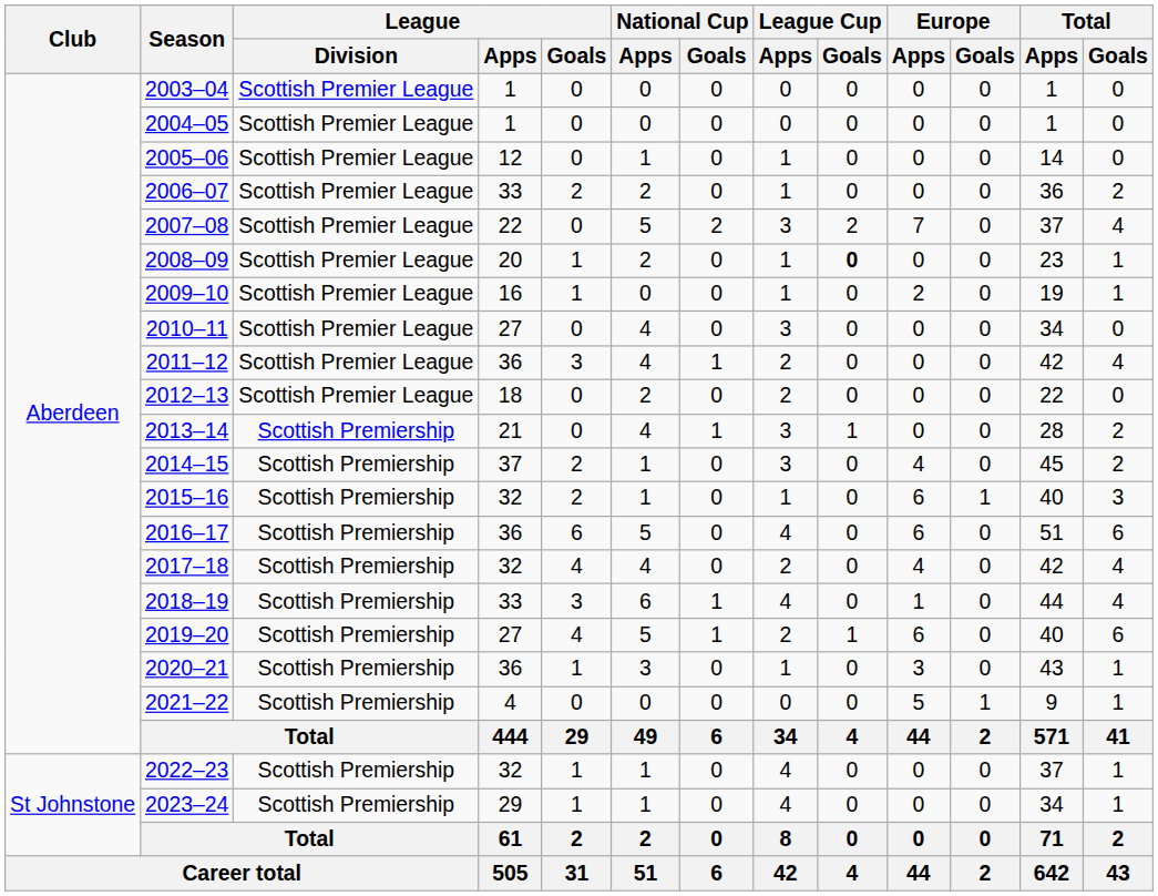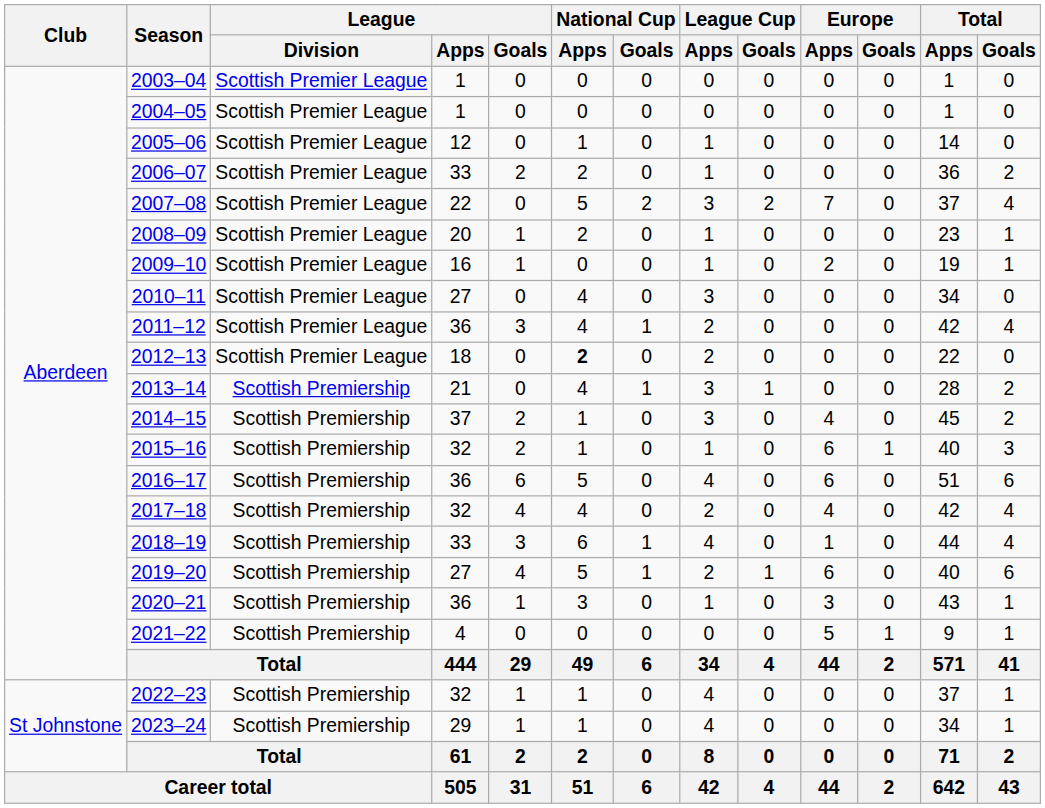 <table class="wikitable" style="text-align:center">
 <tr>
 <th rowspan="2">Club</th>
 <th rowspan="2">Season</th>
 <th colspan="3">League</th>
 <th colspan="2">National Cup</th>
 <th colspan="2">League Cup</th>
 <th colspan="2">Europe</th>
 <th colspan="2">Total</th>
 </tr>
 <tr>
 <th>Division</th>
 <th>Apps</th>
 <th>Goals</th>
 <th>Apps</th>
 <th>Goals</th>
 <th>Apps</th>
 <th>Goals</th>
 <th>Apps</th>
 <th>Goals</th>
 <th>Apps</th>
 <th>Goals</th>
 </tr>
 <tr>
 <td rowspan="20"><a href='#'>Aberdeen</a></td>
 <td><a href='#'>2003–04</a></td>
 <td><a href='#'>Scottish Premier League</a></td>
 <td>1</td>
 <td>0</td>
 <td>0</td>
 <td>0</td>
 <td>0</td>
 <td>0</td>
 <td>0</td>
 <td>0</td>
 <td>1</td>
 <td>0</td>
 </tr>
 <tr>
 <td><a href='#'>2004–05</a></td>
 <td>Scottish Premier League</td>
 <td>1</td>
 <td>0</td>
 <td>0</td>
 <td>0</td>
 <td>0</td>
 <td>0</td>
 <td>0</td>
 <td>0</td>
 <td>1</td>
 <td>0</td>
 </tr>
 <tr>
 <td><a href='#'>2005–06</a></td>
 <td>Scottish Premier League</td>
 <td>12</td>
 <td>0</td>
 <td>1</td>
 <td>0</td>
 <td>1</td>
 <td>0</td>
 <td>0</td>
 <td>0</td>
 <td>14</td>
 <td>0</td>
 </tr>
 <tr>
 <td><a href='#'>2006–07</a></td>
 <td>Scottish Premier League</td>
 <td>33</td>
 <td>2</td>
 <td>2</td>
 <td>0</td>
 <td>1</td>
 <td>0</td>
 <td>0</td>
 <td>0</td>
 <td>36</td>
 <td>2</td>
 </tr>
 <tr>
 <td><a href='#'>2007–08</a></td>
 <td>Scottish Premier League</td>
 <td>22</td>
 <td>0</td>
 <td>5</td>
 <td>2</td>
 <td>3</td>
 <td>2</td>
 <td>7</td>
 <td>0</td>
 <td>37</td>
 <td>4</td>
 </tr>
 <tr>
 <td><a href='#'>2008–09</a></td>
 <td>Scottish Premier League</td>
 <td>20</td>
 <td>1</td>
 <td>2</td>
 <td>0</td>
 <td>1</td>
-<td><strong>0</strong></td>
+<td>0</td>
 <td>0</td>
 <td>0</td>
 <td>23</td>
 <td>1</td>
 </tr>
 <tr>
 <td><a href='#'>2009–10</a></td>
 <td>Scottish Premier League</td>
 <td>16</td>
 <td>1</td>
 <td>0</td>
 <td>0</td>
 <td>1</td>
 <td>0</td>
 <td>2</td>
 <td>0</td>
 <td>19</td>
 <td>1</td>
 </tr>
 <tr>
 <td><a href='#'>2010–11</a></td>
 <td>Scottish Premier League</td>
 <td>27</td>
 <td>0</td>
 <td>4</td>
 <td>0</td>
 <td>3</td>
 <td>0</td>
 <td>0</td>
 <td>0</td>
 <td>34</td>
 <td>0</td>
 </tr>
 <tr>
 <td><a href='#'>2011–12</a></td>
 <td>Scottish Premier League</td>
 <td>36</td>
 <td>3</td>
 <td>4</td>
 <td>1</td>
 <td>2</td>
 <td>0</td>
 <td>0</td>
 <td>0</td>
 <td>42</td>
 <td>4</td>
 </tr>
 <tr>
 <td><a href='#'>2012–13</a></td>
 <td>Scottish Premier League</td>
 <td>18</td>
 <td>0</td>
-<td>2</td>
+<td><strong>2</strong></td>
 <td>0</td>
 <td>2</td>
 <td>0</td>
 <td>0</td>
 <td>0</td>
 <td>22</td>
 <td>0</td>
 </tr>
 <tr>
 <td><a href='#'>2013–14</a></td>
 <td><a href='#'>Scottish Premiership</a></td>
 <td>21</td>
 <td>0</td>
 <td>4</td>
 <td>1</td>
 <td>3</td>
 <td>1</td>
 <td>0</td>
 <td>0</td>
 <td>28</td>
 <td>2</td>
 </tr>
 <tr>
 <td><a href='#'>2014–15</a></td>
 <td>Scottish Premiership</td>
 <td>37</td>
 <td>2</td>
 <td>1</td>
 <td>0</td>
 <td>3</td>
 <td>0</td>
 <td>4</td>
 <td>0</td>
 <td>45</td>
 <td>2</td>
 </tr>
 <tr>
 <td><a href='#'>2015–16</a></td>
 <td>Scottish Premiership</td>
 <td>32</td>
 <td>2</td>
 <td>1</td>
 <td>0</td>
 <td>1</td>
 <td>0</td>
 <td>6</td>
 <td>1</td>
 <td>40</td>
 <td>3</td>
 </tr>
 <tr>
 <td><a href='#'>2016–17</a></td>
 <td>Scottish Premiership</td>
 <td>36</td>
 <td>6</td>
 <td>5</td>
 <td>0</td>
 <td>4</td>
 <td>0</td>
 <td>6</td>
 <td>0</td>
 <td>51</td>
 <td>6</td>
 </tr>
 <tr>
 <td><a href='#'>2017–18</a></td>
 <td>Scottish Premiership</td>
 <td>32</td>
 <td>4</td>
 <td>4</td>
 <td>0</td>
 <td>2</td>
 <td>0</td>
 <td>4</td>
 <td>0</td>
 <td>42</td>
 <td>4</td>
 </tr>
 <tr>
 <td><a href='#'>2018–19</a></td>
 <td>Scottish Premiership</td>
 <td>33</td>
 <td>3</td>
 <td>6</td>
 <td>1</td>
 <td>4</td>
 <td>0</td>
 <td>1</td>
 <td>0</td>
 <td>44</td>
 <td>4</td>
 </tr>
 <tr>
 <td><a href='#'>2019–20</a></td>
 <td>Scottish Premiership</td>
 <td>27</td>
 <td>4</td>
 <td>5</td>
 <td>1</td>
 <td>2</td>
 <td>1</td>
 <td>6</td>
 <td>0</td>
 <td>40</td>
 <td>6</td>
 </tr>
 <tr>
 <td><a href='#'>2020–21</a></td>
 <td>Scottish Premiership</td>
 <td>36</td>
 <td>1</td>
 <td>3</td>
 <td>0</td>
 <td>1</td>
 <td>0</td>
 <td>3</td>
 <td>0</td>
 <td>43</td>
 <td>1</td>
 </tr>
 <tr>
 <td><a href='#'>2021–22</a></td>
 <td>Scottish Premiership</td>
 <td>4</td>
 <td>0</td>
 <td>0</td>
 <td>0</td>
 <td>0</td>
 <td>0</td>
 <td>5</td>
 <td>1</td>
 <td>9</td>
 <td>1</td>
 </tr>
 <tr>
 <th colspan="2">Total</th>
 <th>444</th>
 <th>29</th>
 <th>49</th>
 <th>6</th>
 <th>34</th>
 <th>4</th>
 <th>44</th>
 <th>2</th>
 <th>571</th>
 <th>41</th>
 </tr>
 <tr>
 <td rowspan="3"><a href='#'>St Johnstone</a></td>
 <td><a href='#'>2022–23</a></td>
 <td>Scottish Premiership</td>
 <td>32</td>
 <td>1</td>
 <td>1</td>
 <td>0</td>
 <td>4</td>
 <td>0</td>
 <td>0</td>
 <td>0</td>
 <td>37</td>
 <td>1</td>
 </tr>
 <tr>
 <td><a href='#'>2023–24</a></td>
 <td>Scottish Premiership</td>
 <td>29</td>
 <td>1</td>
 <td>1</td>
 <td>0</td>
 <td>4</td>
 <td>0</td>
 <td>0</td>
 <td>0</td>
 <td>34</td>
 <td>1</td>
 </tr>
 <tr>
 <th colspan="2">Total</th>
 <th>61</th>
 <th>2</th>
 <th>2</th>
 <th>0</th>
 <th>8</th>
 <th>0</th>
 <th>0</th>
 <th>0</th>
 <th>71</th>
 <th>2</th>
 </tr>
 <tr>
 <th colspan="3">Career total</th>
 <th>505</th>
 <th>31</th>
 <th>51</th>
 <th>6</th>
 <th>42</th>
 <th>4</th>
 <th>44</th>
 <th>2</th>
 <th>642</th>
 <th>43</th>
 </tr>
 </table>
